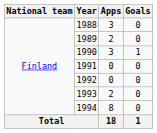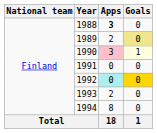 <table class="wikitable" style="text-align:center">
 <tr>
 <th>National team</th>
 <th>Year</th>
 <th>Apps</th>
 <th>Goals</th>
 </tr>
 <tr>
 <td rowspan="7"><a href='#'>Finland</a></td>
 <td>1988</td>
-<td>3</td>
+<td><strong>3</strong></td>
 <td>0</td>
 </tr>
 <tr>
 <td>1989</td>
 <td>2</td>
-<td>0</td>
+<td style="background: khaki;">0</td>
 </tr>
 <tr>
 <td>1990</td>
-<td>3</td>
-<td>1</td>
+<td style="background: pink;">3</td>
+<td style="background: lightyellow;">1</td>
 </tr>
 <tr>
 <td>1991</td>
 <td>0</td>
 <td>0</td>
 </tr>
 <tr>
 <td>1992</td>
-<td>0</td>
-<td>0</td>
+<td style="background: paleturquoise;">0</td>
+<td style="background: gold;">0</td>
 </tr>
 <tr>
 <td>1993</td>
 <td>2</td>
 <td>0</td>
 </tr>
 <tr>
 <td>1994</td>
 <td>8</td>
 <td>0</td>
 </tr>
 <tr>
 <th colspan="2">Total</th>
 <th>18</th>
 <th>1</th>
 </tr>
 </table>
